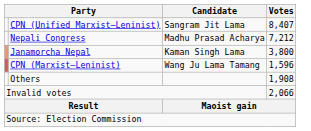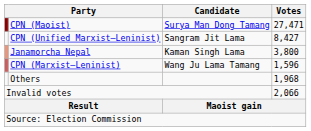 <table class="wikitable">
 <tr>
 <th colspan="2">Party</th>
 <th>Candidate</th>
 <th>Votes</th>
 </tr>
 <tr>
+<td style="background-color:darkred"></td>
+<td><a href='#'>CPN (Maoist)</a></td>
+<td><a href='#'>Surya Man Dong Tamang</a></td>
+<td>27,471</td>
+</tr>
+<tr>
 <td style="background-color:"></td>
 <td><a href='#'>CPN (Unified Marxist–Leninist)</a></td>
 <td>Sangram Jit Lama</td>
-<td>8,407</td>
-</tr>
-<tr>
-<td style="background-color:"></td>
-<td><a href='#'>Nepali Congress</a></td>
-<td>Madhu Prasad Acharya</td>
-<td>7,212</td>
+<td>8,427</td>
 </tr>
 <tr>
 <td style="background-color:darksalmon"></td>
 <td><a href='#'>Janamorcha Nepal</a></td>
 <td>Kaman Singh Lama</td>
 <td>3,800</td>
 </tr>
 <tr>
 <td style="background-color:indianred"></td>
 <td><a href='#'>CPN (Marxist–Leninist)</a></td>
 <td>Wang Ju Lama Tamang</td>
 <td>1,596</td>
 </tr>
 <tr>
 <td></td>
 <td>Others</td>
 <td></td>
-<td>1,908</td>
+<td>1,968</td>
 </tr>
 <tr>
 <td colspan="3">Invalid votes</td>
 <td>2,066</td>
 </tr>
 <tr>
 <th colspan="2">Result</th>
 <th colspan="2">Maoist gain</th>
 </tr>
 <tr>
 <td colspan="4">Source: Election Commission</td>
 </tr>
 </table>
